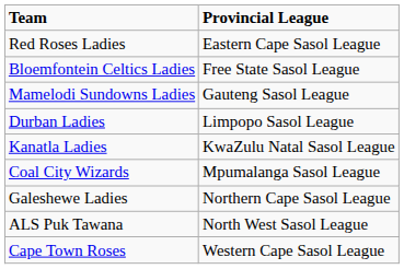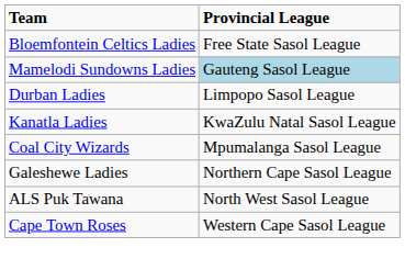 <table class= "wikitable sortable" style="text_align: left;">
 <tr>
 <td><strong>Team</strong></td>
 <td><strong>Provincial League</strong></td>
-</tr>
-<tr>
-<td>Red Roses Ladies</td>
-<td>Eastern Cape Sasol League</td>
 </tr>
 <tr>
 <td><a href='#'>Bloemfontein Celtics Ladies</a></td>
 <td>Free State Sasol League</td>
 </tr>
 <tr>
 <td><a href='#'>Mamelodi Sundowns Ladies</a></td>
-<td>Gauteng Sasol League</td>
+<td style="background: lightblue;">Gauteng Sasol League</td>
 </tr>
 <tr>
 <td><a href='#'>Durban Ladies</a></td>
 <td>Limpopo Sasol League</td>
 </tr>
 <tr>
 <td><a href='#'>Kanatla Ladies</a></td>
 <td>KwaZulu Natal Sasol League</td>
 </tr>
 <tr>
 <td><a href='#'>Coal City Wizards</a></td>
 <td>Mpumalanga Sasol League</td>
 </tr>
 <tr>
 <td>Galeshewe Ladies</td>
 <td>Northern Cape Sasol League</td>
 </tr>
 <tr>
 <td>ALS Puk Tawana</td>
 <td>North West Sasol League</td>
 </tr>
 <tr>
 <td><a href='#'>Cape Town Roses</a></td>
 <td>Western Cape Sasol League</td>
 </tr>
 </table>
